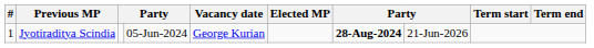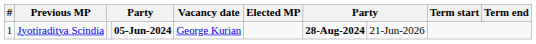 <table class="wikitable" style="text-align:center;">
 <tr>
 <th>#</th>
 <th>Previous MP</th>
 <th colspan="2">Party</th>
 <th>Vacancy date</th>
 <th>Elected MP</th>
 <th colspan="2">Party</th>
 <th>Term start</th>
 <th>Term end</th>
 </tr>
 <tr>
 <td>1</td>
 <td><a href='#'>Jyotiraditya Scindia</a></td>
 <td></td>
-<td>05-Jun-2024</td>
+<td><strong>05-Jun-2024</strong></td>
 <td><a href='#'>George Kurian</a></td>
 <td></td>
 <td><strong>28-Aug-2024</strong></td>
 <td>21-Jun-2026</td>
 </tr>
 </table>
